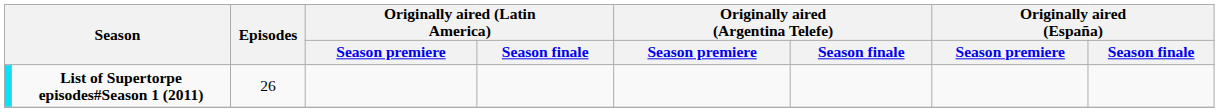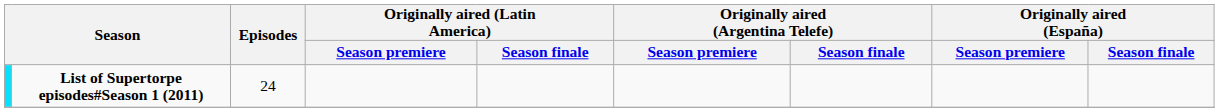 <table class="wikitable plainrowheaders" style="text-align: center;">
 <tr>
 <th scope="col" style="padding:0 8px;" rowspan=2 colspan=2>Season</th>
 <th scope="col" style="padding:0 8px;" rowspan=2>Episodes</th>
 <th scope="col" style="padding:0 80px;" colspan=2>Originally aired (Latin America)</th>
 <th scope="col" style="padding:0 80px;" colspan=2>Originally aired (Argentina Telefe)</th>
 <th scope="col" style="padding:0 80px;" colspan=2>Originally aired (España)</th>
 </tr>
 <tr>
 <th scope="col"><a href='#'>Season premiere</a></th>
 <th scope="col"><a href='#'>Season finale</a></th>
 <th scope="col"><a href='#'>Season premiere</a></th>
 <th scope="col"><a href='#'>Season finale</a></th>
 <th scope="col"><a href='#'>Season premiere</a></th>
 <th scope="col"><a href='#'>Season finale</a></th>
 </tr>
 <tr>
 <td scope="row" style="background:#03e2ff; color:#100;"></td>
 <td><strong>List of Supertorpe episodes#Season 1 (2011)</strong></td>
-<td>26</td>
+<td>24</td>
 <td></td>
 <td></td>
 <td></td>
 <td></td>
 <td></td>
 <td></td>
 </tr>
 <tr>
 </tr>
 </table>
